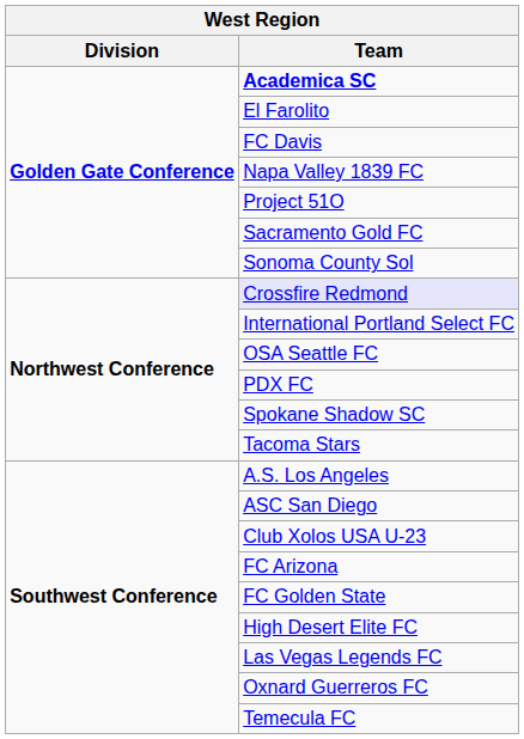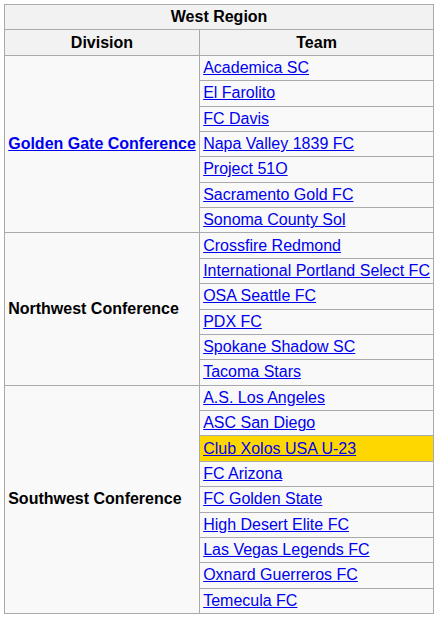 <table class="wikitable" style="text-align:left">
 <tr>
 <th colspan=2>West Region</th>
 </tr>
 <tr>
 <th>Division</th>
 <th>Team</th>
 </tr>
 <tr>
 <td rowspan=7><strong><a href='#'>Golden Gate Conference</a></strong></td>
-<td><strong><a href='#'>Academica SC</a></strong></td>
+<td><a href='#'>Academica SC</a></td>
 </tr>
 <tr>
 <td><a href='#'>El Farolito</a></td>
 </tr>
 <tr>
 <td><a href='#'>FC Davis</a></td>
 </tr>
 <tr>
 <td><a href='#'>Napa Valley 1839 FC</a></td>
 </tr>
 <tr>
 <td><a href='#'>Project 51O</a></td>
 </tr>
 <tr>
 <td><a href='#'>Sacramento Gold FC</a></td>
 </tr>
 <tr>
 <td><a href='#'>Sonoma County Sol</a></td>
 </tr>
 <tr>
 <td rowspan=6><strong>Northwest Conference</strong></td>
-<td style="background: lavender;"><a href='#'>Crossfire Redmond</a></td>
+<td><a href='#'>Crossfire Redmond</a></td>
 </tr>
 <tr>
 <td><a href='#'>International Portland Select FC</a></td>
 </tr>
 <tr>
 <td><a href='#'>OSA Seattle FC</a></td>
 </tr>
 <tr>
 <td><a href='#'>PDX FC</a></td>
 </tr>
 <tr>
 <td><a href='#'>Spokane Shadow SC</a></td>
 </tr>
 <tr>
 <td><a href='#'>Tacoma Stars</a></td>
 </tr>
 <tr>
 <td rowspan=9><strong>Southwest Conference</strong></td>
 <td><a href='#'>A.S. Los Angeles</a></td>
 </tr>
 <tr>
 <td><a href='#'>ASC San Diego</a></td>
 </tr>
 <tr>
-<td><a href='#'>Club Xolos USA U-23</a></td>
+<td style="background: gold;"><a href='#'>Club Xolos USA U-23</a></td>
 </tr>
 <tr>
 <td><a href='#'>FC Arizona</a></td>
 </tr>
 <tr>
 <td><a href='#'>FC Golden State</a></td>
 </tr>
 <tr>
 <td><a href='#'>High Desert Elite FC</a></td>
 </tr>
 <tr>
 <td><a href='#'>Las Vegas Legends FC</a></td>
 </tr>
 <tr>
 <td><a href='#'>Oxnard Guerreros FC</a></td>
 </tr>
 <tr>
 <td><a href='#'>Temecula FC</a></td>
 </tr>
 <tr>
 </tr>
 </table>
